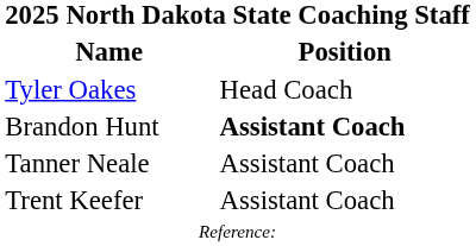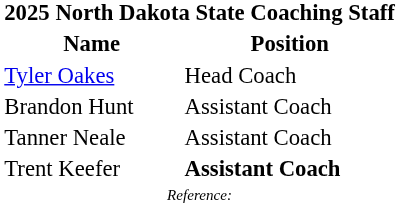 <table class="toccolours" style-"text-align: left; font-size:90;">
 <tr>
 <th colspan="9">2025 North Dakota State Coaching Staff</th>
 </tr>
 <tr>
 <th>Name</th>
 <th>Position</th>
 </tr>
 <tr>
 <td><a href='#'>Tyler Oakes</a></td>
 <td>Head Coach</td>
 </tr>
 <tr>
 <td>Brandon Hunt</td>
-<td><strong>Assistant Coach</strong></td>
+<td>Assistant Coach</td>
 </tr>
 <tr>
 <td>Tanner Neale</td>
 <td>Assistant Coach</td>
 </tr>
 <tr>
 <td>Trent Keefer</td>
-<td>Assistant Coach</td>
+<td><strong>Assistant Coach</strong></td>
 </tr>
 <tr>
 <td colspan=4 style="font-size:8pt; text-align:center;"><em>Reference:</em></td>
 </tr>
 </table>
